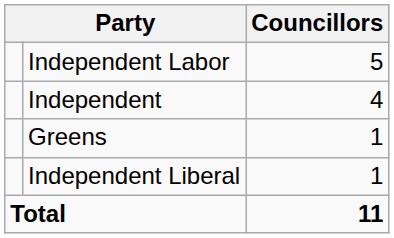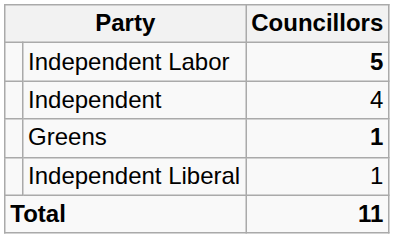 <table class="wikitable">
 <tr>
 <th colspan="2">Party</th>
 <th>Councillors</th>
 </tr>
 <tr>
 <td> </td>
 <td>Independent Labor</td>
-<td align=right>5</td>
+<td align=right><strong>5</strong></td>
 </tr>
 <tr>
 <td> </td>
 <td>Independent</td>
 <td align=right>4</td>
 </tr>
 <tr>
 <td> </td>
 <td>Greens</td>
-<td align=right>1</td>
+<td align=right><strong>1</strong></td>
 </tr>
 <tr>
 <td> </td>
 <td>Independent Liberal</td>
 <td align=right>1</td>
 </tr>
 <tr>
 <td colspan="2"><strong>Total</strong></td>
 <td align=right><strong>11</strong></td>
 </tr>
 </table>
